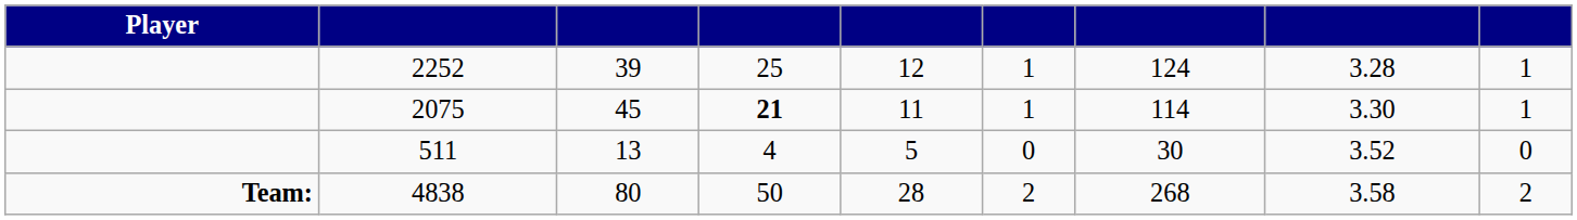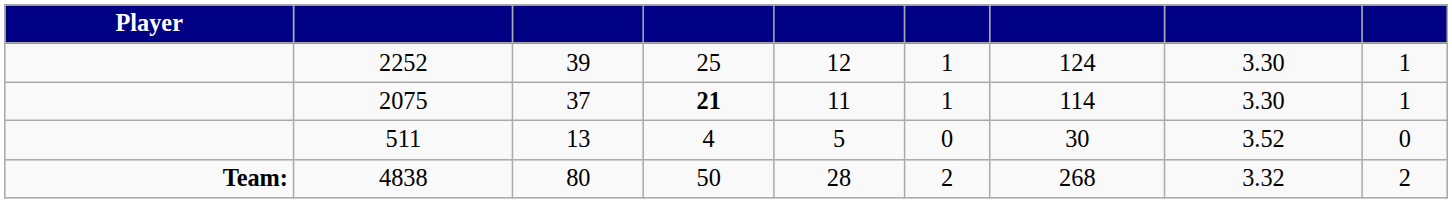 <table style="width:60%;" class="wikitable sortable">
 <tr>
 <th style="color:white; background:#000084; ">Player</th>
 <th style="color:white; background:#000084; "></th>
 <th style="color:white; background:#000084; "></th>
 <th style="color:white; background:#000084; "></th>
 <th style="color:white; background:#000084; "></th>
 <th style="color:white; background:#000084; "></th>
 <th style="color:white; background:#000084; "></th>
 <th style="color:white; background:#000084; "></th>
 <th style="color:white; background:#000084; "></th>
 </tr>
 <tr align="center">
 <td align="right"></td>
 <td>2252</td>
 <td>39</td>
 <td>25</td>
 <td>12</td>
 <td>1</td>
 <td>124</td>
-<td>3.28</td>
+<td>3.30</td>
 <td>1</td>
 </tr>
 <tr align="center">
 <td align="right"></td>
 <td>2075</td>
-<td>45</td>
+<td>37</td>
 <td><strong>21</strong></td>
 <td>11</td>
 <td>1</td>
 <td>114</td>
 <td>3.30</td>
 <td>1</td>
 </tr>
 <tr align="center">
 <td align="right"></td>
 <td>511</td>
 <td>13</td>
 <td>4</td>
 <td>5</td>
 <td>0</td>
 <td>30</td>
 <td>3.52</td>
 <td>0</td>
 </tr>
 <tr align="center">
 <td align="right"><strong>Team:</strong></td>
 <td>4838</td>
 <td>80</td>
 <td>50</td>
 <td>28</td>
 <td>2</td>
 <td>268</td>
-<td>3.58</td>
+<td>3.32</td>
 <td>2</td>
 </tr>
 </table>
